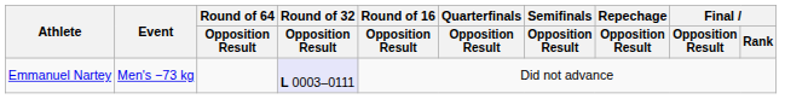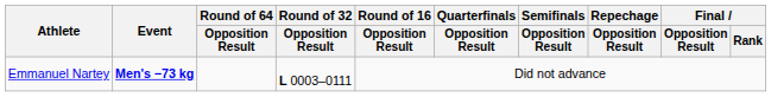 <table class="wikitable" style="font-size:90%">
 <tr>
 <th rowspan=2>Athlete</th>
 <th rowspan=2>Event</th>
 <th>Round of 64</th>
 <th>Round of 32</th>
 <th>Round of 16</th>
 <th>Quarterfinals</th>
 <th>Semifinals</th>
 <th>Repechage</th>
 <th colspan=2>Final / </th>
 </tr>
 <tr style="font-size:95%">
 <th>Opposition<br>Result</th>
 <th>Opposition<br>Result</th>
 <th>Opposition<br>Result</th>
 <th>Opposition<br>Result</th>
 <th>Opposition<br>Result</th>
 <th>Opposition<br>Result</th>
 <th>Opposition<br>Result</th>
 <th>Rank</th>
 </tr>
 <tr align=center>
 <td align=left><a href='#'>Emmanuel Nartey</a></td>
-<td align=left><a href='#'>Men's −73 kg</a></td>
+<td align=left><strong><a href='#'>Men's −73 kg</a></strong></td>
 <td></td>
-<td style="background: lavender;"><br><strong>L</strong> 0003–0111</td>
+<td><br><strong>L</strong> 0003–0111</td>
 <td colspan=6>Did not advance</td>
 </tr>
 </table>
